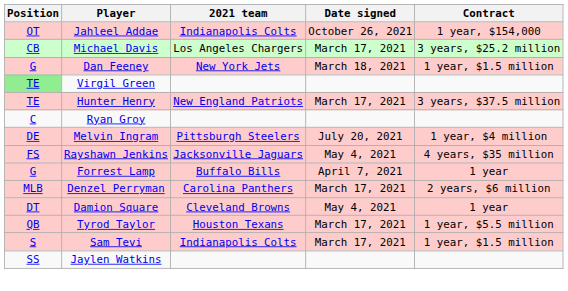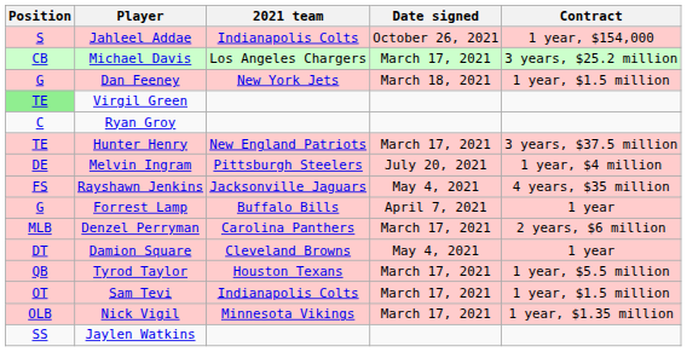 <table class="wikitable" style="text-align:center">
 <tr>
 <th>Position</th>
 <th>Player</th>
 <th>2021 team</th>
 <th>Date signed</th>
 <th>Contract</th>
 </tr>
 <tr style="background:#fcc">
-<td><a href='#'>OT</a></td>
+<td><a href='#'>S</a></td>
 <td><a href='#'>Jahleel Addae</a></td>
 <td><a href='#'>Indianapolis Colts</a></td>
 <td>October 26, 2021</td>
 <td>1 year, $154,000</td>
 </tr>
 <tr style="background:#cfc">
 <td><a href='#'>CB</a></td>
 <td><a href='#'>Michael Davis</a></td>
 <td>Los Angeles Chargers</td>
 <td>March 17, 2021</td>
 <td>3 years, $25.2 million</td>
 </tr>
 <tr style="background:#fcc">
 <td><a href='#'>G</a></td>
 <td><a href='#'>Dan Feeney</a></td>
 <td><a href='#'>New York Jets</a></td>
 <td>March 18, 2021</td>
 <td>1 year, $1.5 million</td>
 </tr>
 <tr>
 <td style="background: lightgreen;"><a href='#'>TE</a></td>
 <td><a href='#'>Virgil Green</a></td>
 <td></td>
 <td></td>
 <td></td>
 </tr>
+<tr>
+<td><a href='#'>C</a></td>
+<td><a href='#'>Ryan Groy</a></td>
+<td></td>
+<td></td>
+<td></td>
+</tr>
 <tr style="background:#fcc">
 <td><a href='#'>TE</a></td>
 <td><a href='#'>Hunter Henry</a></td>
 <td><a href='#'>New England Patriots</a></td>
 <td>March 17, 2021</td>
 <td>3 years, $37.5 million</td>
-</tr>
-<tr>
-<td><a href='#'>C</a></td>
-<td><a href='#'>Ryan Groy</a></td>
-<td></td>
-<td></td>
-<td></td>
 </tr>
 <tr style="background:#fcc">
 <td><a href='#'>DE</a></td>
 <td><a href='#'>Melvin Ingram</a></td>
 <td><a href='#'>Pittsburgh Steelers</a></td>
 <td>July 20, 2021</td>
 <td>1 year, $4 million</td>
 </tr>
 <tr style="background:#fcc">
 <td><a href='#'>FS</a></td>
 <td><a href='#'>Rayshawn Jenkins</a></td>
 <td><a href='#'>Jacksonville Jaguars</a></td>
 <td>May 4, 2021</td>
 <td>4 years, $35 million</td>
 </tr>
 <tr style="background:#fcc">
 <td><a href='#'>G</a></td>
 <td><a href='#'>Forrest Lamp</a></td>
 <td><a href='#'>Buffalo Bills</a></td>
 <td>April 7, 2021</td>
 <td>1 year</td>
 </tr>
 <tr style="background:#fcc">
 <td><a href='#'>MLB</a></td>
 <td><a href='#'>Denzel Perryman</a></td>
 <td><a href='#'>Carolina Panthers</a></td>
 <td>March 17, 2021</td>
 <td>2 years, $6 million</td>
 </tr>
 <tr style="background:#fcc">
 <td><a href='#'>DT</a></td>
 <td><a href='#'>Damion Square</a></td>
 <td><a href='#'>Cleveland Browns</a></td>
 <td>May 4, 2021</td>
 <td>1 year</td>
 </tr>
 <tr style="background:#fcc">
 <td><a href='#'>QB</a></td>
 <td><a href='#'>Tyrod Taylor</a></td>
 <td><a href='#'>Houston Texans</a></td>
 <td>March 17, 2021</td>
 <td>1 year, $5.5 million</td>
 </tr>
 <tr style="background:#fcc">
-<td><a href='#'>S</a></td>
+<td><a href='#'>OT</a></td>
 <td><a href='#'>Sam Tevi</a></td>
 <td><a href='#'>Indianapolis Colts</a></td>
 <td>March 17, 2021</td>
 <td>1 year, $1.5 million</td>
+</tr>
+<tr style="background:#fcc">
+<td><a href='#'>OLB</a></td>
+<td><a href='#'>Nick Vigil</a></td>
+<td><a href='#'>Minnesota Vikings</a></td>
+<td>March 17, 2021</td>
+<td>1 year, $1.35 million</td>
 </tr>
 <tr>
 <td><a href='#'>SS</a></td>
 <td><a href='#'>Jaylen Watkins</a></td>
 <td></td>
 <td></td>
 <td></td>
 </tr>
 </table>
